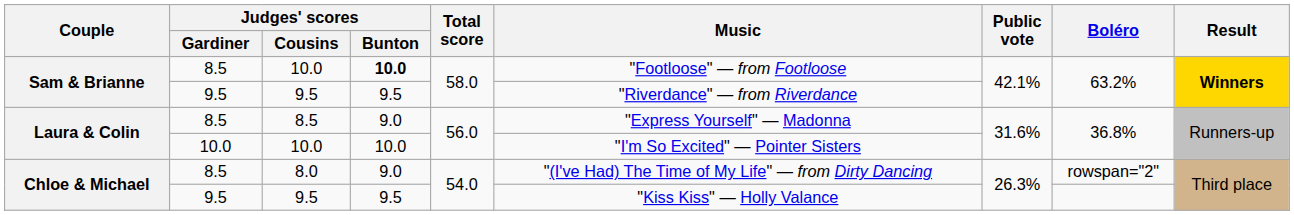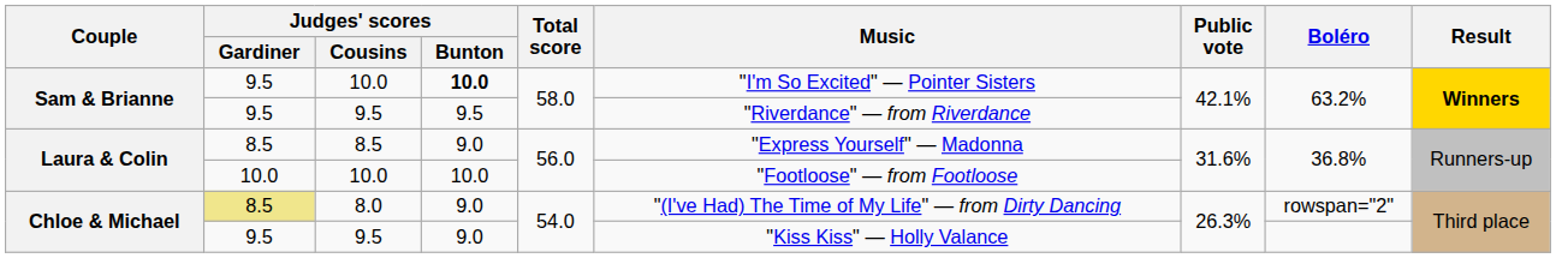 <table class="wikitable sortable" style="text-align:center; font-size:90%; width:90%">
 <tr>
 <th scope="col" rowspan=2>Couple</th>
 <th scope="col" colspan=3 class="unsortable">Judges' scores</th>
 <th scope="col" rowspan=2>Total<br>score</th>
 <th scope="col" rowspan=2 class="unsortable">Music</th>
 <th scope="col" rowspan=2>Public<br>vote</th>
 <th scope="col" rowspan=2 class="unsortable"><a href='#'>Boléro</a></th>
 <th scope="col" rowspan=2 class="unsortable">Result</th>
 </tr>
 <tr>
 <th class="unsortable">Gardiner</th>
 <th class="unsortable">Cousins</th>
 <th class="unsortable">Bunton</th>
 </tr>
 <tr>
 <th scope="row" rowspan="2">Sam & Brianne</th>
-<td>8.5</td>
+<td>9.5</td>
 <td>10.0</td>
 <td><strong>10.0</strong></td>
 <td rowspan="2">58.0</td>
-<td>"<a href='#'>Footloose</a>" — <em>from <a href='#'>Footloose</a></em></td>
+<td>"<a href='#'>I'm So Excited</a>" — <a href='#'>Pointer Sisters</a></td>
 <td rowspan="2">42.1%</td>
 <td rowspan="2">63.2%</td>
 <td rowspan=2 bgcolor="gold"><strong>Winners</strong></td>
 </tr>
 <tr>
 <td>9.5</td>
 <td>9.5</td>
 <td>9.5</td>
 <td>"<a href='#'>Riverdance</a>" — <em>from <a href='#'>Riverdance</a></em></td>
 </tr>
 <tr>
 <th scope="row" rowspan="2">Laura & Colin</th>
 <td>8.5</td>
 <td>8.5</td>
 <td>9.0</td>
 <td rowspan="2">56.0</td>
 <td>"<a href='#'>Express Yourself</a>" — <a href='#'>Madonna</a></td>
 <td rowspan="2">31.6%</td>
 <td rowspan="2">36.8%</td>
 <td rowspan=2 bgcolor="silver">Runners-up</td>
 </tr>
 <tr>
 <td>10.0</td>
 <td>10.0</td>
 <td>10.0</td>
-<td>"<a href='#'>I'm So Excited</a>" — <a href='#'>Pointer Sisters</a></td>
+<td>"<a href='#'>Footloose</a>" — <em>from <a href='#'>Footloose</a></em></td>
 </tr>
 <tr>
 <th scope="row" rowspan="2">Chloe & Michael</th>
-<td>8.5</td>
+<td style="background: khaki;">8.5</td>
 <td>8.0</td>
 <td>9.0</td>
 <td rowspan="2">54.0</td>
 <td>"<a href='#'>(I've Had) The Time of My Life</a>" — <em>from <a href='#'>Dirty Dancing</a></em></td>
 <td rowspan="2">26.3%</td>
 <td>rowspan="2" </td>
 <td rowspan=2 bgcolor="tan">Third place</td>
 </tr>
 <tr>
 <td>9.5</td>
 <td>9.5</td>
-<td>9.5</td>
+<td>9.0</td>
 <td>"<a href='#'>Kiss Kiss</a>" — <a href='#'>Holly Valance</a></td>
 </tr>
 </table>
